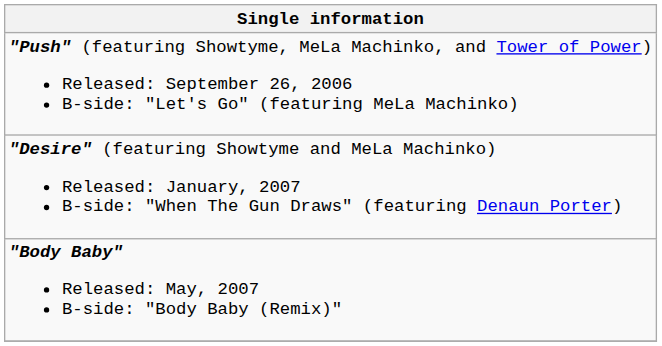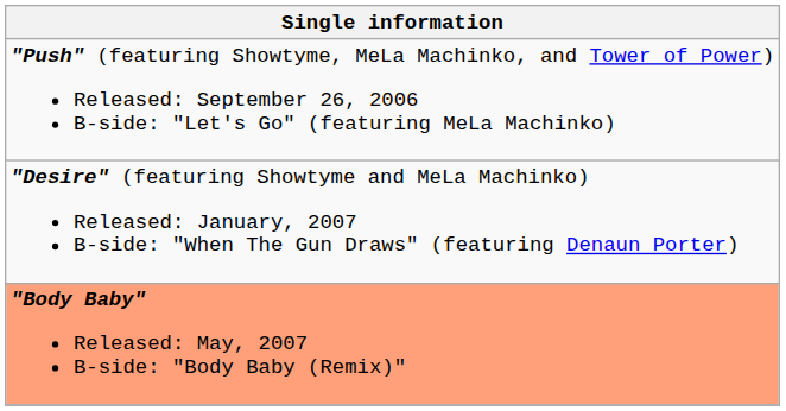 <table class="wikitable">
 <tr>
 <th>Single information</th>
 </tr>
 <tr>
 <td><strong><em>"Push"</em></strong> (featuring Showtyme, MeLa Machinko, and <a href='#'>Tower of Power</a>)<br><ul><li>Released: September 26, 2006</li><li>B-side: "Let's Go" (featuring MeLa Machinko)</li></ul></td>
 </tr>
 <tr>
 <td><strong><em>"Desire"</em></strong> (featuring Showtyme and MeLa Machinko)<br><ul><li>Released: January, 2007</li><li>B-side: "When The Gun Draws" (featuring <a href='#'>Denaun Porter</a>)</li></ul></td>
 </tr>
 <tr>
-<td><strong><em>"Body Baby"</em></strong><br><ul><li>Released: May, 2007</li><li>B-side: "Body Baby (Remix)"</li></ul></td>
+<td style="background: lightsalmon;"><strong><em>"Body Baby"</em></strong><br><ul><li>Released: May, 2007</li><li>B-side: "Body Baby (Remix)"</li></ul></td>
 </tr>
 <tr>
 </tr>
 </table>
